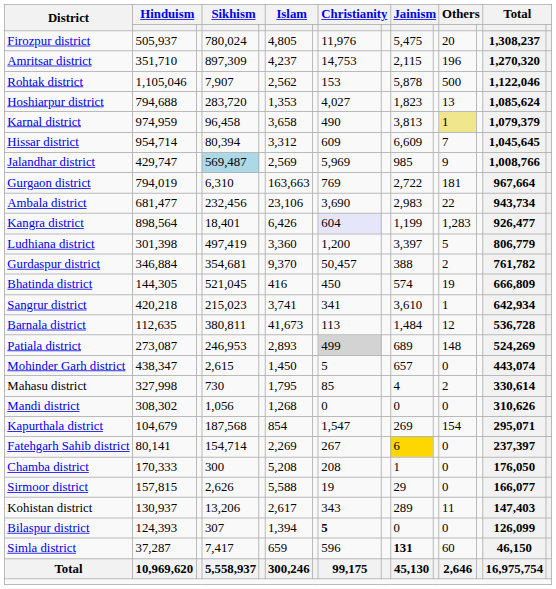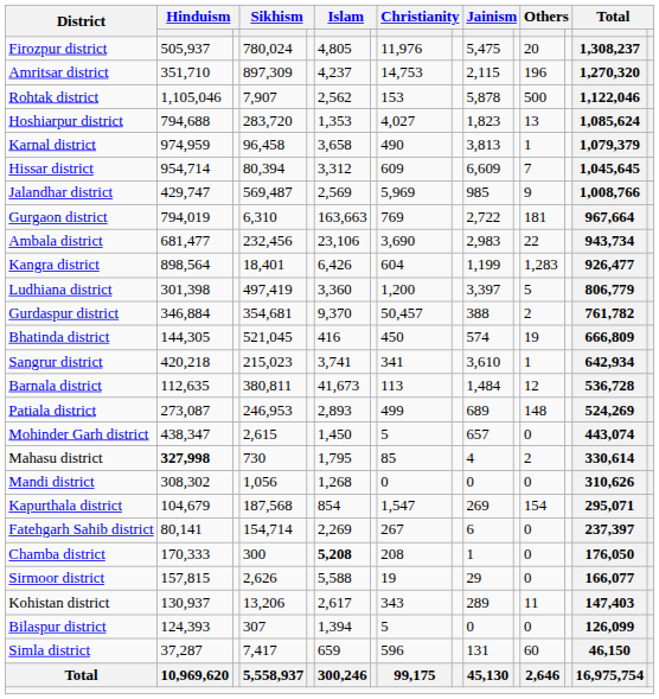 <table class="wikitable sortable">
 <tr>
 <th rowspan="2">District</th>
 <th colspan="2"><a href='#'>Hinduism</a> </th>
 <th colspan="2"><a href='#'>Sikhism</a> </th>
 <th colspan="2"><a href='#'>Islam</a> </th>
 <th colspan="2"><a href='#'>Christianity</a> </th>
 <th colspan="2"><a href='#'>Jainism</a> </th>
 <th colspan="2">Others</th>
 <th colspan="2">Total</th>
 </tr>
 <tr>
 <th><a href='#'></a></th>
 <th></th>
 <th></th>
 <th></th>
 <th></th>
 <th></th>
 <th></th>
 <th></th>
 <th></th>
 <th></th>
 <th></th>
 <th></th>
 <th></th>
 <th></th>
 </tr>
 <tr>
 <td><a href='#'>Firozpur district</a></td>
 <td>505,937</td>
 <td></td>
 <td>780,024</td>
 <td></td>
 <td>4,805</td>
 <td></td>
 <td>11,976</td>
 <td></td>
 <td>5,475</td>
 <td></td>
 <td>20</td>
 <td></td>
 <th>1,308,237</th>
 <th></th>
 </tr>
 <tr>
 <td><a href='#'>Amritsar district</a></td>
 <td>351,710</td>
 <td></td>
 <td>897,309</td>
 <td></td>
 <td>4,237</td>
 <td></td>
 <td>14,753</td>
 <td></td>
 <td>2,115</td>
 <td></td>
 <td>196</td>
 <td></td>
 <th>1,270,320</th>
 <th></th>
 </tr>
 <tr>
 <td><a href='#'>Rohtak district</a></td>
 <td>1,105,046</td>
 <td></td>
 <td>7,907</td>
 <td></td>
 <td>2,562</td>
 <td></td>
 <td>153</td>
 <td></td>
 <td>5,878</td>
 <td></td>
 <td>500</td>
 <td></td>
 <th>1,122,046</th>
 <th></th>
 </tr>
 <tr>
 <td><a href='#'>Hoshiarpur district</a></td>
 <td>794,688</td>
 <td></td>
 <td>283,720</td>
 <td></td>
 <td>1,353</td>
 <td></td>
 <td>4,027</td>
 <td></td>
 <td>1,823</td>
 <td></td>
 <td>13</td>
 <td></td>
 <th>1,085,624</th>
 <th></th>
 </tr>
 <tr>
 <td><a href='#'>Karnal district</a></td>
 <td>974,959</td>
 <td></td>
 <td>96,458</td>
 <td></td>
 <td>3,658</td>
 <td></td>
 <td>490</td>
 <td></td>
 <td>3,813</td>
 <td></td>
-<td style="background: khaki;">1</td>
+<td>1</td>
 <td></td>
 <th>1,079,379</th>
 <th></th>
 </tr>
 <tr>
 <td><a href='#'>Hissar district</a></td>
 <td>954,714</td>
 <td></td>
 <td>80,394</td>
 <td></td>
 <td>3,312</td>
 <td></td>
 <td>609</td>
 <td></td>
 <td>6,609</td>
 <td></td>
 <td>7</td>
 <td></td>
 <th>1,045,645</th>
 <th></th>
 </tr>
 <tr>
 <td><a href='#'>Jalandhar district</a></td>
 <td>429,747</td>
 <td></td>
-<td style="background: lightblue;">569,487</td>
+<td>569,487</td>
 <td></td>
 <td>2,569</td>
 <td></td>
 <td>5,969</td>
 <td></td>
 <td>985</td>
 <td></td>
 <td>9</td>
 <td></td>
 <th>1,008,766</th>
 <th></th>
 </tr>
 <tr>
 <td><a href='#'>Gurgaon district</a></td>
 <td>794,019</td>
 <td></td>
 <td>6,310</td>
 <td></td>
 <td>163,663</td>
 <td></td>
 <td>769</td>
 <td></td>
 <td>2,722</td>
 <td></td>
 <td>181</td>
 <td></td>
 <th>967,664</th>
 <th></th>
 </tr>
 <tr>
 <td><a href='#'>Ambala district</a></td>
 <td>681,477</td>
 <td></td>
 <td>232,456</td>
 <td></td>
 <td>23,106</td>
 <td></td>
 <td>3,690</td>
 <td></td>
 <td>2,983</td>
 <td></td>
 <td>22</td>
 <td></td>
 <th>943,734</th>
 <th></th>
 </tr>
 <tr>
 <td><a href='#'>Kangra district</a></td>
 <td>898,564</td>
 <td></td>
 <td>18,401</td>
 <td></td>
 <td>6,426</td>
 <td></td>
-<td style="background: lavender;">604</td>
+<td>604</td>
 <td></td>
 <td>1,199</td>
 <td></td>
 <td>1,283</td>
 <td></td>
 <th>926,477</th>
 <th></th>
 </tr>
 <tr>
 <td><a href='#'>Ludhiana district</a></td>
 <td>301,398</td>
 <td></td>
 <td>497,419</td>
 <td></td>
 <td>3,360</td>
 <td></td>
 <td>1,200</td>
 <td></td>
 <td>3,397</td>
 <td></td>
 <td>5</td>
 <td></td>
 <th>806,779</th>
 <th></th>
 </tr>
 <tr>
 <td><a href='#'>Gurdaspur district</a></td>
 <td>346,884</td>
 <td></td>
 <td>354,681</td>
 <td></td>
 <td>9,370</td>
 <td></td>
 <td>50,457</td>
 <td></td>
 <td>388</td>
 <td></td>
 <td>2</td>
 <td></td>
 <th>761,782</th>
 <th></th>
 </tr>
 <tr>
 <td><a href='#'>Bhatinda district</a></td>
 <td>144,305</td>
 <td></td>
 <td>521,045</td>
 <td></td>
 <td>416</td>
 <td></td>
 <td>450</td>
 <td></td>
 <td>574</td>
 <td></td>
 <td>19</td>
 <td></td>
 <th>666,809</th>
 <th></th>
 </tr>
 <tr>
 <td><a href='#'>Sangrur district</a></td>
 <td>420,218</td>
 <td></td>
 <td>215,023</td>
 <td></td>
 <td>3,741</td>
 <td></td>
 <td>341</td>
 <td></td>
 <td>3,610</td>
 <td></td>
 <td>1</td>
 <td></td>
 <th>642,934</th>
 <th></th>
 </tr>
 <tr>
 <td><a href='#'>Barnala district</a></td>
 <td>112,635</td>
 <td></td>
 <td>380,811</td>
 <td></td>
 <td>41,673</td>
 <td></td>
 <td>113</td>
 <td></td>
 <td>1,484</td>
 <td></td>
 <td>12</td>
 <td></td>
 <th>536,728</th>
 <th></th>
 </tr>
 <tr>
 <td><a href='#'>Patiala district</a></td>
 <td>273,087</td>
 <td></td>
 <td>246,953</td>
 <td></td>
 <td>2,893</td>
 <td></td>
-<td style="background: lightgrey;">499</td>
+<td>499</td>
 <td></td>
 <td>689</td>
 <td></td>
 <td>148</td>
 <td></td>
 <th>524,269</th>
 <th></th>
 </tr>
 <tr>
 <td><a href='#'>Mohinder Garh district</a></td>
 <td>438,347</td>
 <td></td>
 <td>2,615</td>
 <td></td>
 <td>1,450</td>
 <td></td>
 <td>5</td>
 <td></td>
 <td>657</td>
 <td></td>
 <td>0</td>
 <td></td>
 <th>443,074</th>
 <th></th>
 </tr>
 <tr>
 <td>Mahasu district</td>
-<td>327,998</td>
+<td><strong>327,998</strong></td>
 <td></td>
 <td>730</td>
 <td></td>
 <td>1,795</td>
 <td></td>
 <td>85</td>
 <td></td>
 <td>4</td>
 <td></td>
 <td>2</td>
 <td></td>
 <th>330,614</th>
 <th></th>
 </tr>
 <tr>
 <td><a href='#'>Mandi district</a></td>
 <td>308,302</td>
 <td></td>
 <td>1,056</td>
 <td></td>
 <td>1,268</td>
 <td></td>
 <td>0</td>
 <td></td>
 <td>0</td>
 <td></td>
 <td>0</td>
 <td></td>
 <th>310,626</th>
 <th></th>
 </tr>
 <tr>
 <td><a href='#'>Kapurthala district</a></td>
 <td>104,679</td>
 <td></td>
 <td>187,568</td>
 <td></td>
 <td>854</td>
 <td></td>
 <td>1,547</td>
 <td></td>
 <td>269</td>
 <td></td>
 <td>154</td>
 <td></td>
 <th>295,071</th>
 <th></th>
 </tr>
 <tr>
 <td><a href='#'>Fatehgarh Sahib district</a></td>
 <td>80,141</td>
 <td></td>
 <td>154,714</td>
 <td></td>
 <td>2,269</td>
 <td></td>
 <td>267</td>
 <td></td>
-<td style="background: gold;">6</td>
+<td>6</td>
 <td></td>
 <td>0</td>
 <td></td>
 <th>237,397</th>
 <th></th>
 </tr>
 <tr>
 <td><a href='#'>Chamba district</a></td>
 <td>170,333</td>
 <td></td>
 <td>300</td>
 <td></td>
-<td>5,208</td>
+<td><strong>5,208</strong></td>
 <td></td>
 <td>208</td>
 <td></td>
 <td>1</td>
 <td></td>
 <td>0</td>
 <td></td>
 <th>176,050</th>
 <th></th>
 </tr>
 <tr>
 <td><a href='#'>Sirmoor district</a></td>
 <td>157,815</td>
 <td></td>
 <td>2,626</td>
 <td></td>
 <td>5,588</td>
 <td></td>
 <td>19</td>
 <td></td>
 <td>29</td>
 <td></td>
 <td>0</td>
 <td></td>
 <th>166,077</th>
 <th></th>
 </tr>
 <tr>
 <td>Kohistan district</td>
 <td>130,937</td>
 <td></td>
 <td>13,206</td>
 <td></td>
 <td>2,617</td>
 <td></td>
 <td>343</td>
 <td></td>
 <td>289</td>
 <td></td>
 <td>11</td>
 <td></td>
 <th>147,403</th>
 <th></th>
 </tr>
 <tr>
 <td><a href='#'>Bilaspur district</a></td>
 <td>124,393</td>
 <td></td>
 <td>307</td>
 <td></td>
 <td>1,394</td>
 <td></td>
-<td><strong>5</strong></td>
+<td>5</td>
 <td></td>
 <td>0</td>
 <td></td>
 <td>0</td>
 <td></td>
 <th>126,099</th>
 <th></th>
 </tr>
 <tr>
 <td><a href='#'>Simla district</a></td>
 <td>37,287</td>
 <td></td>
 <td>7,417</td>
 <td></td>
 <td>659</td>
 <td></td>
 <td>596</td>
 <td></td>
-<td><strong>131</strong></td>
+<td>131</td>
 <td></td>
 <td>60</td>
 <td></td>
 <th>46,150</th>
 <th></th>
 </tr>
 <tr>
 <th>Total</th>
 <th>10,969,620</th>
 <th></th>
 <th>5,558,937</th>
 <th></th>
 <th>300,246</th>
 <th></th>
 <th>99,175</th>
 <th></th>
 <th>45,130</th>
 <th></th>
 <th>2,646</th>
 <th></th>
 <th>16,975,754</th>
 <th></th>
 </tr>
 <tr class="sortbottom">
 <td colspan="15"></td>
 </tr>
 </table>
